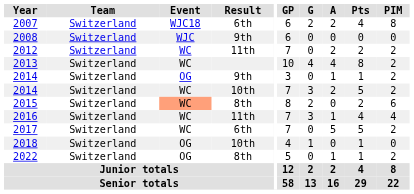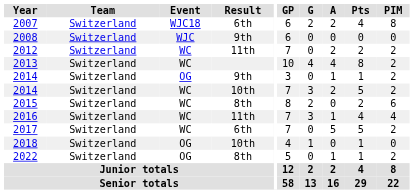 <table border="0" cellpadding="1" cellspacing="0" ID="Table3" style="text-align:center; width:40em">
 <tr ALIGN="center" bgcolor="#e0e0e0">
 <th>Year</th>
 <th>Team</th>
 <th>Event</th>
 <th>Result</th>
 <th rowspan="99" bgcolor="#ffffff"></th>
 <th>GP</th>
 <th>G</th>
 <th>A</th>
 <th>Pts</th>
 <th>PIM</th>
 </tr>
 <tr>
 <td><a href='#'>2007</a></td>
 <td><a href='#'>Switzerland</a></td>
 <td><a href='#'>WJC18</a></td>
 <td>6th</td>
 <td>6</td>
 <td>2</td>
 <td>2</td>
 <td>4</td>
 <td>8</td>
 </tr>
 <tr bgcolor="#f0f0f0">
 <td><a href='#'>2008</a></td>
 <td><a href='#'>Switzerland</a></td>
 <td><a href='#'>WJC</a></td>
 <td>9th</td>
 <td>6</td>
 <td>0</td>
 <td>0</td>
 <td>0</td>
 <td>0</td>
 </tr>
 <tr>
 <td><a href='#'>2012</a></td>
 <td><a href='#'>Switzerland</a></td>
 <td><a href='#'>WC</a></td>
 <td>11th</td>
 <td>7</td>
 <td>0</td>
 <td>2</td>
 <td>2</td>
 <td>2</td>
 </tr>
 <tr bgcolor="#f0f0f0">
 <td><a href='#'>2013</a></td>
 <td>Switzerland</td>
 <td>WC</td>
 <td></td>
 <td>10</td>
 <td>4</td>
 <td>4</td>
 <td>8</td>
 <td>2</td>
 </tr>
 <tr>
 <td><a href='#'>2014</a></td>
 <td>Switzerland</td>
 <td><a href='#'>OG</a></td>
 <td>9th</td>
 <td>3</td>
 <td>0</td>
 <td>1</td>
 <td>1</td>
 <td>2</td>
 </tr>
 <tr bgcolor="#f0f0f0">
 <td><a href='#'>2014</a></td>
 <td>Switzerland</td>
 <td>WC</td>
 <td>10th</td>
 <td>7</td>
 <td>3</td>
 <td>2</td>
 <td>5</td>
 <td>2</td>
 </tr>
 <tr>
 <td><a href='#'>2015</a></td>
 <td>Switzerland</td>
-<td style="background: lightsalmon;">WC</td>
+<td>WC</td>
 <td>8th</td>
 <td>8</td>
 <td>2</td>
 <td>0</td>
 <td>2</td>
 <td>6</td>
 </tr>
 <tr bgcolor="#f0f0f0">
 <td><a href='#'>2016</a></td>
 <td>Switzerland</td>
 <td>WC</td>
 <td>11th</td>
 <td>7</td>
 <td>3</td>
 <td>1</td>
 <td>4</td>
 <td>4</td>
 </tr>
 <tr>
 <td><a href='#'>2017</a></td>
 <td>Switzerland</td>
 <td>WC</td>
 <td>6th</td>
 <td>7</td>
 <td>0</td>
 <td>5</td>
 <td>5</td>
 <td>2</td>
 </tr>
 <tr bgcolor="#f0f0f0">
 <td><a href='#'>2018</a></td>
 <td>Switzerland</td>
 <td>OG</td>
 <td>10th</td>
 <td>4</td>
 <td>1</td>
 <td>0</td>
 <td>1</td>
 <td>0</td>
 </tr>
 <tr>
 <td><a href='#'>2022</a></td>
 <td>Switzerland</td>
 <td>OG</td>
 <td>8th</td>
 <td>5</td>
 <td>0</td>
 <td>1</td>
 <td>1</td>
 <td>2</td>
 </tr>
 <tr bgcolor="#e0e0e0">
 <th colspan="4">Junior totals</th>
 <th>12</th>
 <th>2</th>
 <th>2</th>
 <th>4</th>
 <th>8</th>
 </tr>
 <tr bgcolor="#e0e0e0">
 <th colspan="4">Senior totals</th>
 <th>58</th>
 <th>13</th>
 <th>16</th>
 <th>29</th>
 <th>22</th>
 </tr>
 </table>
